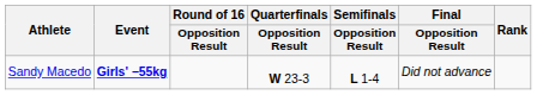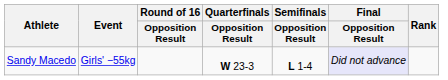 <table class="wikitable" style="font-size:90%;">
 <tr>
 <th rowspan=2>Athlete</th>
 <th rowspan=2>Event</th>
 <th>Round of 16</th>
 <th>Quarterfinals</th>
 <th>Semifinals</th>
 <th>Final</th>
 <th rowspan=2>Rank</th>
 </tr>
 <tr style="font-size:95%">
 <th>Opposition<br>Result</th>
 <th>Opposition<br>Result</th>
 <th>Opposition<br>Result</th>
 <th>Opposition<br>Result</th>
 </tr>
 <tr align=center>
 <td align=left><a href='#'>Sandy Macedo</a></td>
-<td align=left><strong><a href='#'>Girls' −55kg</a></strong></td>
+<td align=left><a href='#'>Girls' −55kg</a></td>
 <td></td>
 <td><br> <strong>W</strong> 23-3</td>
 <td><br> <strong>L</strong> 1-4</td>
-<td><em>Did not advance</em></td>
+<td style="background: lavender;"><em>Did not advance</em></td>
 <td></td>
 </tr>
 </table>
